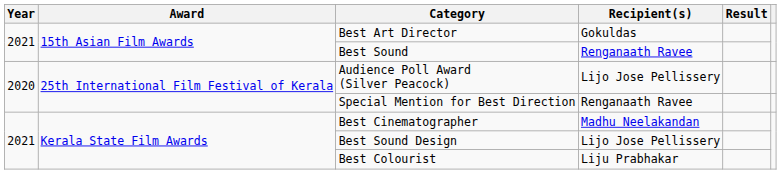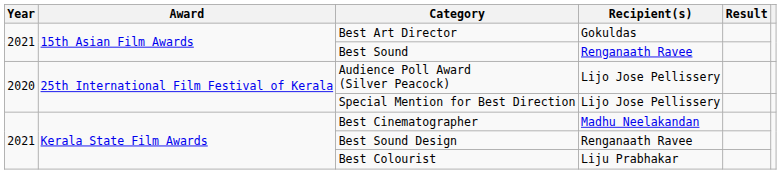 <table class="wikitable sortable">
 <tr>
 <th scope="col">Year</th>
 <th scope="col">Award</th>
 <th scope="col">Category</th>
 <th scope="col">Recipient(s)</th>
 <th scope="col">Result</th>
 <th class="unsortable" scope="col"></th>
 </tr>
 <tr>
 <td rowspan=2>2021</td>
 <td rowspan="2"><a href='#'>15th Asian Film Awards</a></td>
 <td>Best Art Director</td>
 <td>Gokuldas</td>
 <td></td>
 <td rowspan="2" style="text-align: center;"></td>
 </tr>
 <tr>
 <td>Best Sound</td>
 <td><a href='#'>Renganaath Ravee</a></td>
 <td></td>
 </tr>
 <tr>
 <td rowspan="2">2020</td>
 <td rowspan="2"><a href='#'>25th International Film Festival of Kerala</a></td>
 <td>Audience Poll Award<br>(Silver Peacock)</td>
 <td>Lijo Jose Pellissery</td>
 <td></td>
 <td style="text-align: center;"></td>
 </tr>
 <tr>
 <td>Special Mention for Best Direction</td>
-<td>Renganaath Ravee</td>
+<td>Lijo Jose Pellissery</td>
 <td></td>
 <td style="text-align: center;"></td>
 </tr>
 <tr>
 <td rowspan="3">2021</td>
 <td rowspan="3"><a href='#'>Kerala State Film Awards</a></td>
 <td>Best Cinematographer</td>
 <td><a href='#'>Madhu Neelakandan</a></td>
 <td></td>
 <td rowspan="3" style="text-align: center;"></td>
 </tr>
 <tr>
 <td>Best Sound Design</td>
-<td>Lijo Jose Pellissery</td>
+<td>Renganaath Ravee</td>
 <td></td>
 </tr>
 <tr>
 <td>Best Colourist</td>
 <td>Liju Prabhakar</td>
 <td></td>
 </tr>
 </table>
